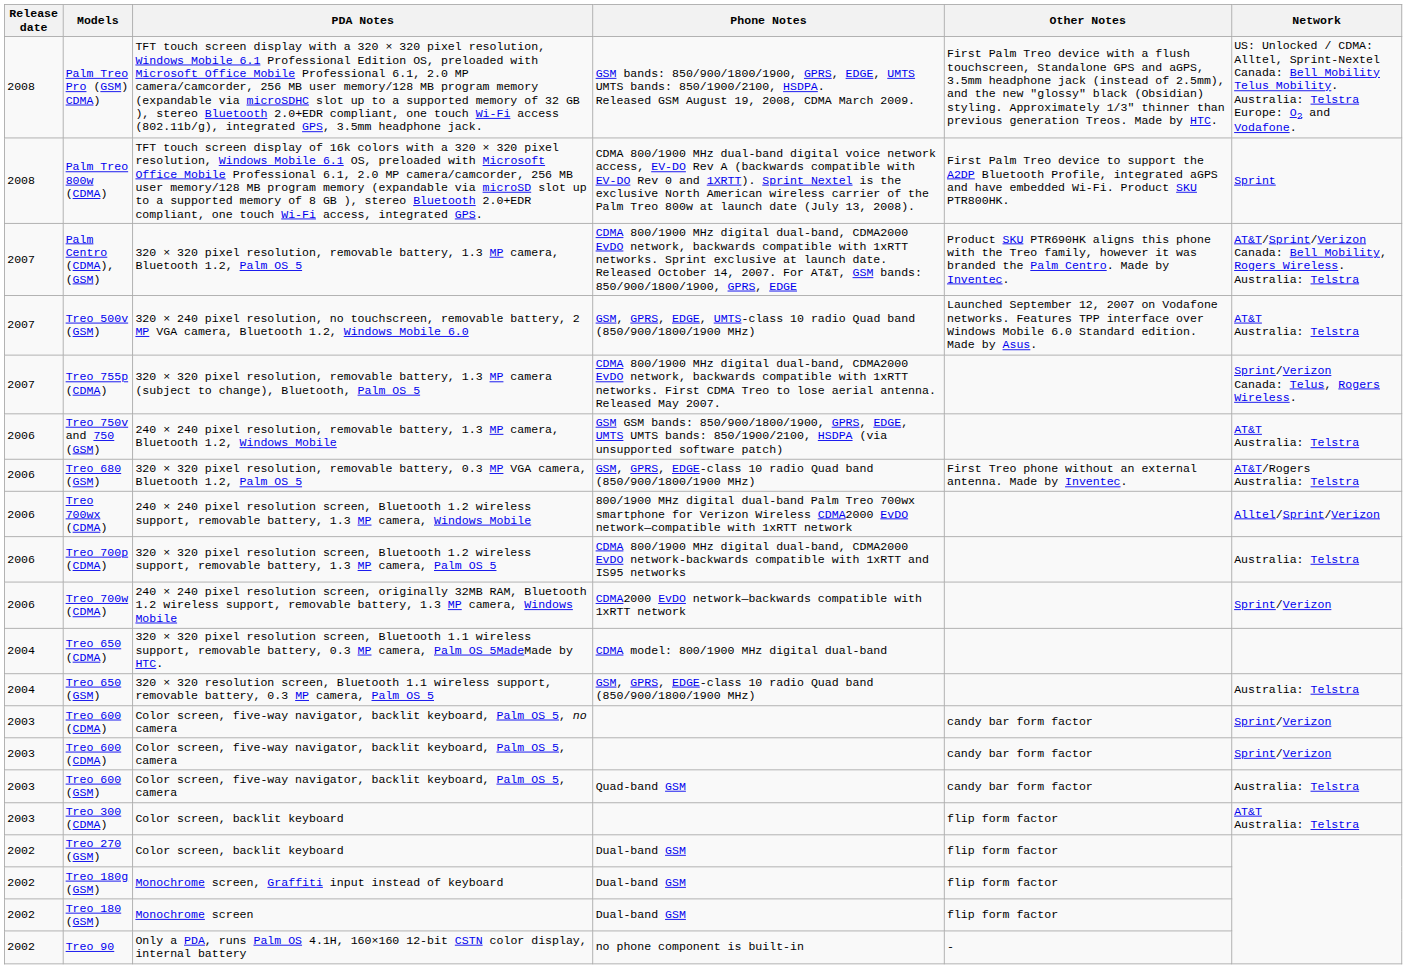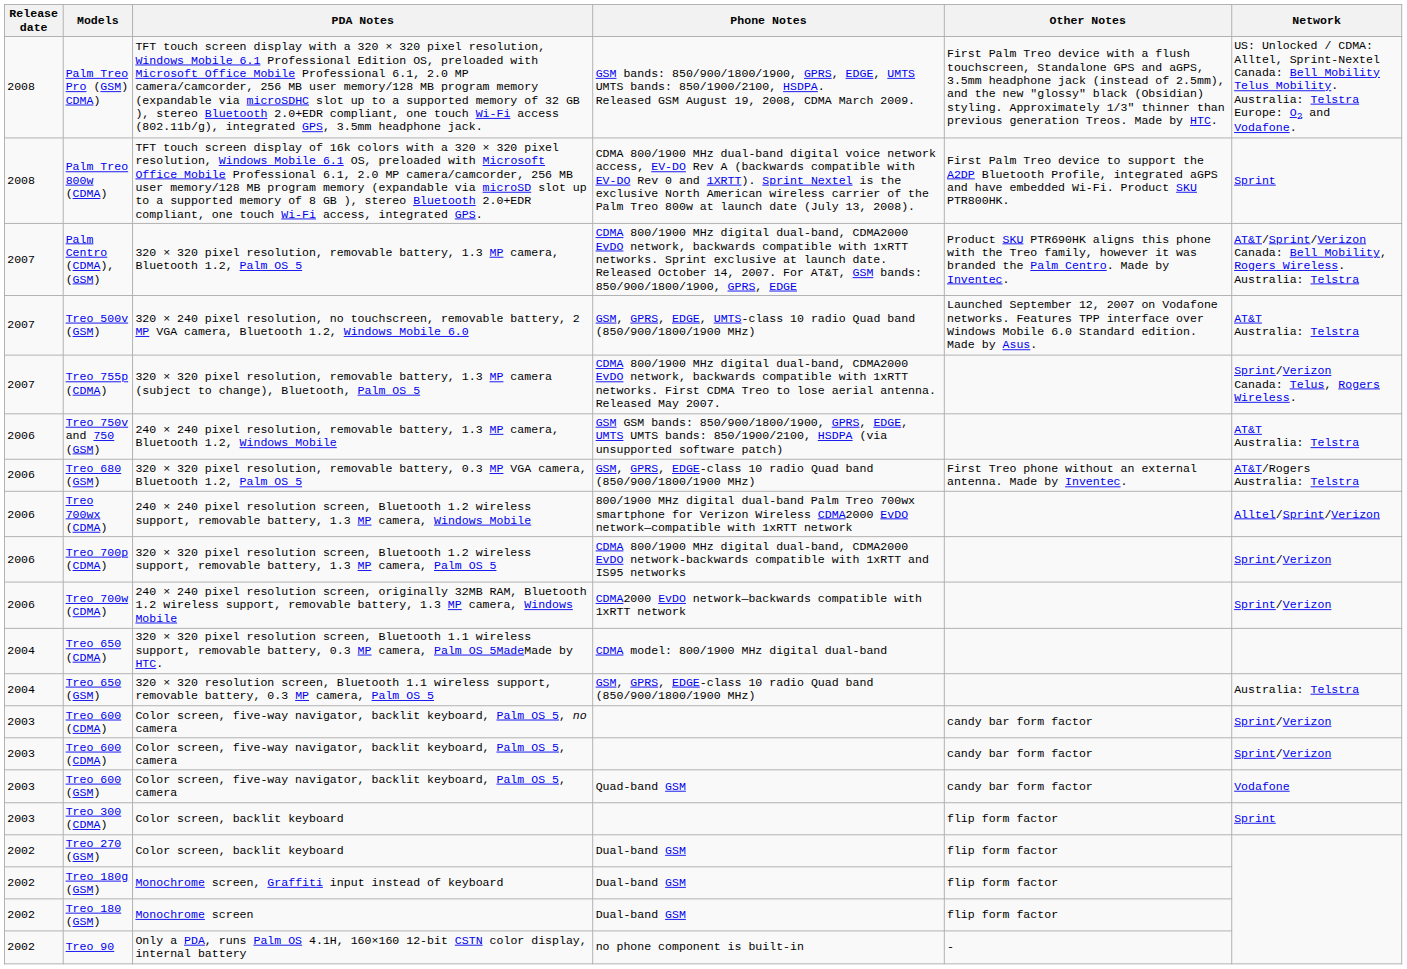 <table class="wikitable">
 <tr>
 <th>Release date</th>
 <th>Models</th>
 <th>PDA Notes</th>
 <th>Phone Notes</th>
 <th>Other Notes</th>
 <th>Network</th>
 </tr>
 <tr>
 <td>2008</td>
 <td><a href='#'>Palm Treo Pro</a> (<a href='#'>GSM</a>) <a href='#'>CDMA</a>)</td>
 <td>TFT touch screen display with a 320 × 320 pixel resolution, <a href='#'>Windows Mobile 6.1</a> Professional Edition OS, preloaded with <a href='#'>Microsoft Office Mobile</a> Professional 6.1, 2.0 MP camera/camcorder, 256 MB user memory/128 MB program memory (expandable via <a href='#'>microSDHC</a> slot up to a supported memory of 32 GB ), stereo <a href='#'>Bluetooth</a> 2.0+EDR compliant, one touch <a href='#'>Wi-Fi</a> access (802.11b/g), integrated <a href='#'>GPS</a>, 3.5mm headphone jack.</td>
 <td><a href='#'>GSM</a> bands: 850/900/1800/1900, <a href='#'>GPRS</a>, <a href='#'>EDGE</a>, <a href='#'>UMTS</a> UMTS bands: 850/1900/2100, <a href='#'>HSDPA</a>. <br>Released GSM August 19, 2008, CDMA March 2009.</td>
 <td>First Palm Treo device with a flush touchscreen, Standalone GPS and aGPS, 3.5mm headphone jack (instead of 2.5mm), and the new "glossy" black (Obsidian) styling. Approximately 1/3" thinner than previous generation Treos.  Made by <a href='#'>HTC</a>.</td>
 <td>US: Unlocked / CDMA: Alltel, Sprint-Nextel<br>Canada: <a href='#'>Bell Mobility</a> <a href='#'>Telus Mobility</a>.<br>Australia: <a href='#'>Telstra</a> Europe: <a href='#'>O<sub>2</sub></a> and <a href='#'>Vodafone</a>.</td>
 </tr>
 <tr>
 <td>2008</td>
 <td><a href='#'>Palm Treo 800w</a> (<a href='#'>CDMA</a>)</td>
 <td>TFT touch screen display of 16k colors with a 320 × 320 pixel resolution, <a href='#'>Windows Mobile 6.1</a> OS, preloaded with <a href='#'>Microsoft Office Mobile</a> Professional 6.1, 2.0 MP camera/camcorder, 256 MB user memory/128 MB program memory (expandable via <a href='#'>microSD</a> slot up to a supported memory of 8 GB ), stereo <a href='#'>Bluetooth</a> 2.0+EDR compliant, one touch <a href='#'>Wi-Fi</a> access, integrated <a href='#'>GPS</a>.</td>
 <td>CDMA 800/1900 MHz dual-band digital voice network access, <a href='#'>EV-DO</a> Rev A (backwards compatible with <a href='#'>EV-DO</a> Rev 0 and <a href='#'>1XRTT</a>). <a href='#'>Sprint Nextel</a> is the exclusive North American wireless carrier of the Palm Treo 800w at launch date (July 13, 2008).</td>
 <td>First Palm Treo device to support the <a href='#'>A2DP</a> Bluetooth Profile, integrated aGPS and have embedded Wi-Fi. Product <a href='#'>SKU</a> PTR800HK.</td>
 <td><a href='#'>Sprint</a></td>
 </tr>
 <tr>
 <td>2007</td>
 <td><a href='#'>Palm Centro</a> (<a href='#'>CDMA</a>), (<a href='#'>GSM</a>)</td>
 <td>320 × 320 pixel resolution, removable battery, 1.3 <a href='#'>MP</a> camera, Bluetooth 1.2, <a href='#'>Palm OS 5</a></td>
 <td><a href='#'>CDMA</a> 800/1900 MHz digital dual-band, CDMA2000 <a href='#'>EvDO</a> network, backwards compatible with 1xRTT networks. Sprint exclusive at launch date. Released October 14, 2007. For AT&T, <a href='#'>GSM</a> bands: 850/900/1800/1900, <a href='#'>GPRS</a>, <a href='#'>EDGE</a></td>
 <td>Product <a href='#'>SKU</a> PTR690HK aligns this phone with the Treo family, however it was branded the <a href='#'>Palm Centro</a>. Made by <a href='#'>Inventec</a>.</td>
 <td><a href='#'>AT&T</a>/<a href='#'>Sprint</a>/<a href='#'>Verizon</a><br>Canada: <a href='#'>Bell Mobility</a>, <a href='#'>Rogers Wireless</a>.<br>Australia: <a href='#'>Telstra</a></td>
 </tr>
 <tr>
 <td>2007</td>
 <td><a href='#'>Treo 500v</a> (<a href='#'>GSM</a>)</td>
 <td>320 × 240 pixel resolution, no touchscreen, removable battery, 2 <a href='#'>MP</a> VGA camera, Bluetooth 1.2, <a href='#'>Windows Mobile 6.0</a></td>
 <td><a href='#'>GSM</a>, <a href='#'>GPRS</a>, <a href='#'>EDGE</a>, <a href='#'>UMTS</a>-class 10 radio Quad band (850/900/1800/1900 MHz)</td>
 <td>Launched September 12, 2007 on Vodafone networks. Features TPP interface over Windows Mobile 6.0 Standard edition. Made by <a href='#'>Asus</a>.</td>
 <td><a href='#'>AT&T</a><br>Australia: <a href='#'>Telstra</a></td>
 </tr>
 <tr>
 <td>2007</td>
 <td><a href='#'>Treo 755p</a> (<a href='#'>CDMA</a>)</td>
 <td>320 × 320 pixel resolution, removable battery, 1.3 <a href='#'>MP</a> camera (subject to change), Bluetooth, <a href='#'>Palm OS 5</a></td>
 <td><a href='#'>CDMA</a> 800/1900 MHz digital dual-band, CDMA2000 <a href='#'>EvDO</a> network, backwards compatible with 1xRTT networks. First CDMA Treo to lose aerial antenna. Released May 2007.</td>
 <td></td>
 <td><a href='#'>Sprint</a>/<a href='#'>Verizon</a><br>Canada: <a href='#'>Telus</a>, <a href='#'>Rogers Wireless</a>.</td>
 </tr>
 <tr>
 <td>2006</td>
 <td><a href='#'>Treo 750v</a> and <a href='#'>750</a> (<a href='#'>GSM</a>)</td>
 <td>240 × 240 pixel resolution, removable battery, 1.3 <a href='#'>MP</a> camera, Bluetooth 1.2,  <a href='#'>Windows Mobile</a></td>
 <td><a href='#'>GSM</a> GSM bands: 850/900/1800/1900, <a href='#'>GPRS</a>, <a href='#'>EDGE</a>, <a href='#'>UMTS</a> UMTS bands: 850/1900/2100, <a href='#'>HSDPA</a> (via unsupported software patch)</td>
 <td></td>
 <td><a href='#'>AT&T</a><br>Australia: <a href='#'>Telstra</a></td>
 </tr>
 <tr>
 <td>2006</td>
 <td><a href='#'>Treo 680</a> (<a href='#'>GSM</a>)</td>
 <td>320 × 320 pixel resolution, removable battery, 0.3 <a href='#'>MP</a> VGA camera, Bluetooth 1.2, <a href='#'>Palm OS 5</a></td>
 <td><a href='#'>GSM</a>, <a href='#'>GPRS</a>, <a href='#'>EDGE</a>-class 10 radio Quad band (850/900/1800/1900 MHz)</td>
 <td>First Treo phone without an external antenna. Made by <a href='#'>Inventec</a>.</td>
 <td><a href='#'>AT&T</a>/Rogers<br>Australia: <a href='#'>Telstra</a></td>
 </tr>
 <tr>
 <td>2006</td>
 <td><a href='#'>Treo 700wx</a> (<a href='#'>CDMA</a>)</td>
 <td>240 × 240 pixel resolution screen, Bluetooth 1.2 wireless support, removable battery, 1.3 <a href='#'>MP</a> camera, <a href='#'>Windows Mobile</a></td>
 <td>800/1900 MHz digital dual-band Palm Treo 700wx smartphone for Verizon Wireless <a href='#'>CDMA</a>2000 <a href='#'>EvDO</a> network—compatible with 1xRTT network</td>
 <td></td>
 <td><a href='#'>Alltel</a>/<a href='#'>Sprint</a>/<a href='#'>Verizon</a></td>
 </tr>
 <tr>
 <td>2006</td>
 <td><a href='#'>Treo 700p</a> (<a href='#'>CDMA</a>)</td>
 <td>320 × 320 pixel resolution screen, Bluetooth 1.2 wireless support, removable battery, 1.3 <a href='#'>MP</a> camera, <a href='#'>Palm OS 5</a></td>
 <td><a href='#'>CDMA</a> 800/1900 MHz digital dual-band, CDMA2000 <a href='#'>EvDO</a> network-backwards compatible with 1xRTT and IS95 networks</td>
 <td></td>
-<td>Australia: <a href='#'>Telstra</a></td>
+<td><a href='#'>Sprint</a>/<a href='#'>Verizon</a></td>
 </tr>
 <tr>
 <td>2006</td>
 <td><a href='#'>Treo 700w</a> (<a href='#'>CDMA</a>)</td>
 <td>240 × 240 pixel resolution screen, originally 32MB RAM, Bluetooth 1.2 wireless support, removable battery, 1.3 <a href='#'>MP</a> camera, <a href='#'>Windows Mobile</a></td>
 <td><a href='#'>CDMA</a>2000 <a href='#'>EvDO</a> network—backwards compatible with 1xRTT network</td>
 <td></td>
 <td><a href='#'>Sprint</a>/<a href='#'>Verizon</a></td>
 </tr>
 <tr>
 <td>2004</td>
 <td><a href='#'>Treo 650</a> (<a href='#'>CDMA</a>)</td>
 <td>320 × 320 pixel resolution screen, Bluetooth 1.1 wireless support, removable battery, 0.3 <a href='#'>MP</a> camera, <a href='#'>Palm OS 5Made</a>Made by <a href='#'>HTC</a>.</td>
 <td><a href='#'>CDMA</a> model: 800/1900 MHz digital dual-band</td>
 <td></td>
 </tr>
 <tr>
 <td>2004</td>
 <td><a href='#'>Treo 650</a> (<a href='#'>GSM</a>)</td>
 <td>320 × 320 resolution screen, Bluetooth 1.1 wireless support, removable battery, 0.3 <a href='#'>MP</a> camera, <a href='#'>Palm OS 5</a></td>
 <td><a href='#'>GSM</a>, <a href='#'>GPRS</a>, <a href='#'>EDGE</a>-class 10 radio Quad band (850/900/1800/1900 MHz)</td>
 <td></td>
 <td>Australia: <a href='#'>Telstra</a></td>
 </tr>
 <tr>
 <td>2003</td>
 <td><a href='#'>Treo 600</a> (<a href='#'>CDMA</a>)</td>
 <td>Color screen, five-way navigator, backlit keyboard, <a href='#'>Palm OS 5</a>, <em>no</em> camera</td>
 <td></td>
 <td>candy bar form factor</td>
 <td><a href='#'>Sprint</a>/<a href='#'>Verizon</a></td>
 </tr>
 <tr>
 <td>2003</td>
 <td><a href='#'>Treo 600</a> (<a href='#'>CDMA</a>)</td>
 <td>Color screen, five-way navigator, backlit keyboard, <a href='#'>Palm OS 5</a>, camera</td>
 <td></td>
 <td>candy bar form factor</td>
 <td><a href='#'>Sprint</a>/<a href='#'>Verizon</a></td>
 </tr>
 <tr>
 <td>2003</td>
 <td><a href='#'>Treo 600</a> (<a href='#'>GSM</a>)</td>
 <td>Color screen, five-way navigator, backlit keyboard, <a href='#'>Palm OS 5</a>, camera</td>
 <td>Quad-band <a href='#'>GSM</a></td>
 <td>candy bar form factor</td>
-<td>Australia: <a href='#'>Telstra</a></td>
+<td><a href='#'>Vodafone</a></td>
 </tr>
 <tr>
 <td>2003</td>
 <td><a href='#'>Treo 300</a> (<a href='#'>CDMA</a>)</td>
 <td>Color screen, backlit keyboard</td>
 <td></td>
 <td>flip form factor</td>
-<td><a href='#'>AT&T</a><br>Australia: <a href='#'>Telstra</a></td>
+<td><a href='#'>Sprint</a></td>
 </tr>
 <tr>
 <td>2002</td>
 <td><a href='#'>Treo 270</a> (<a href='#'>GSM</a>)</td>
 <td>Color screen, backlit keyboard</td>
 <td>Dual-band <a href='#'>GSM</a></td>
 <td>flip form factor</td>
 </tr>
 <tr>
 <td>2002</td>
 <td><a href='#'>Treo 180g</a> (<a href='#'>GSM</a>)</td>
 <td><a href='#'>Monochrome</a> screen, <a href='#'>Graffiti</a> input instead of keyboard</td>
 <td>Dual-band <a href='#'>GSM</a></td>
 <td>flip form factor</td>
 </tr>
 <tr>
 <td>2002</td>
 <td><a href='#'>Treo 180</a> (<a href='#'>GSM</a>)</td>
 <td><a href='#'>Monochrome</a> screen</td>
 <td>Dual-band <a href='#'>GSM</a></td>
 <td>flip form factor</td>
 </tr>
 <tr>
 <td>2002</td>
 <td><a href='#'>Treo 90</a></td>
 <td>Only a <a href='#'>PDA</a>, runs <a href='#'>Palm OS</a> 4.1H, 160×160 12-bit <a href='#'>CSTN</a> color display, internal battery</td>
 <td>no phone component is built-in</td>
 <td>-</td>
 </tr>
 </table>
